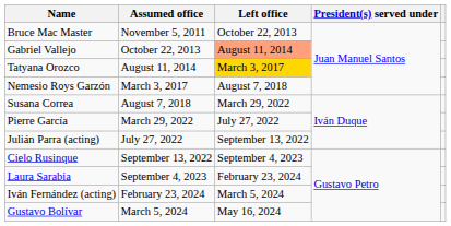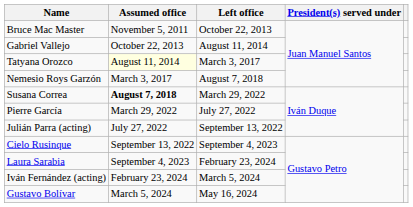 <table class="wikitable">
 <tr>
 <th>Name</th>
 <th>Assumed office</th>
 <th>Left office</th>
 <th><a href='#'>President(s)</a> served under</th>
 <th></th>
 </tr>
 <tr>
 <td>Bruce Mac Master</td>
 <td>November 5, 2011</td>
 <td>October 22, 2013</td>
 <td rowspan="4"><a href='#'>Juan Manuel Santos</a></td>
 <td></td>
 </tr>
 <tr>
 <td>Gabriel Vallejo</td>
 <td>October 22, 2013</td>
-<td style="background: lightsalmon;">August 11, 2014</td>
+<td>August 11, 2014</td>
 <td></td>
 </tr>
 <tr>
 <td>Tatyana Orozco</td>
-<td>August 11, 2014</td>
-<td style="background: gold;">March 3, 2017</td>
+<td style="background: lightyellow;">August 11, 2014</td>
+<td>March 3, 2017</td>
 <td></td>
 </tr>
 <tr>
 <td>Nemesio Roys Garzón</td>
 <td>March 3, 2017</td>
 <td>August 7, 2018</td>
 <td></td>
 </tr>
 <tr>
 <td>Susana Correa</td>
-<td>August 7, 2018</td>
+<td><strong>August 7, 2018</strong></td>
 <td>March 29, 2022</td>
 <td rowspan="3"><a href='#'>Iván Duque</a></td>
 <td></td>
 </tr>
 <tr>
 <td>Pierre García</td>
 <td>March 29, 2022</td>
 <td>July 27, 2022</td>
 <td></td>
 </tr>
 <tr>
 <td>Julián Parra (acting)</td>
 <td>July 27, 2022</td>
 <td>September 13, 2022</td>
 <td></td>
 </tr>
 <tr>
 <td><a href='#'>Cielo Rusinque</a></td>
 <td>September 13, 2022</td>
 <td>September 4, 2023</td>
 <td rowspan="4"><a href='#'>Gustavo Petro</a></td>
 <td></td>
 </tr>
 <tr>
 <td><a href='#'>Laura Sarabia</a></td>
 <td>September 4, 2023</td>
 <td>February 23, 2024</td>
 <td></td>
 </tr>
 <tr>
 <td>Iván Fernández (acting)</td>
 <td>February 23, 2024</td>
 <td>March 5, 2024</td>
 <td></td>
 </tr>
 <tr>
 <td><a href='#'>Gustavo Bolívar</a></td>
 <td>March 5, 2024</td>
 <td>May 16, 2024</td>
 <td></td>
 </tr>
 </table>
